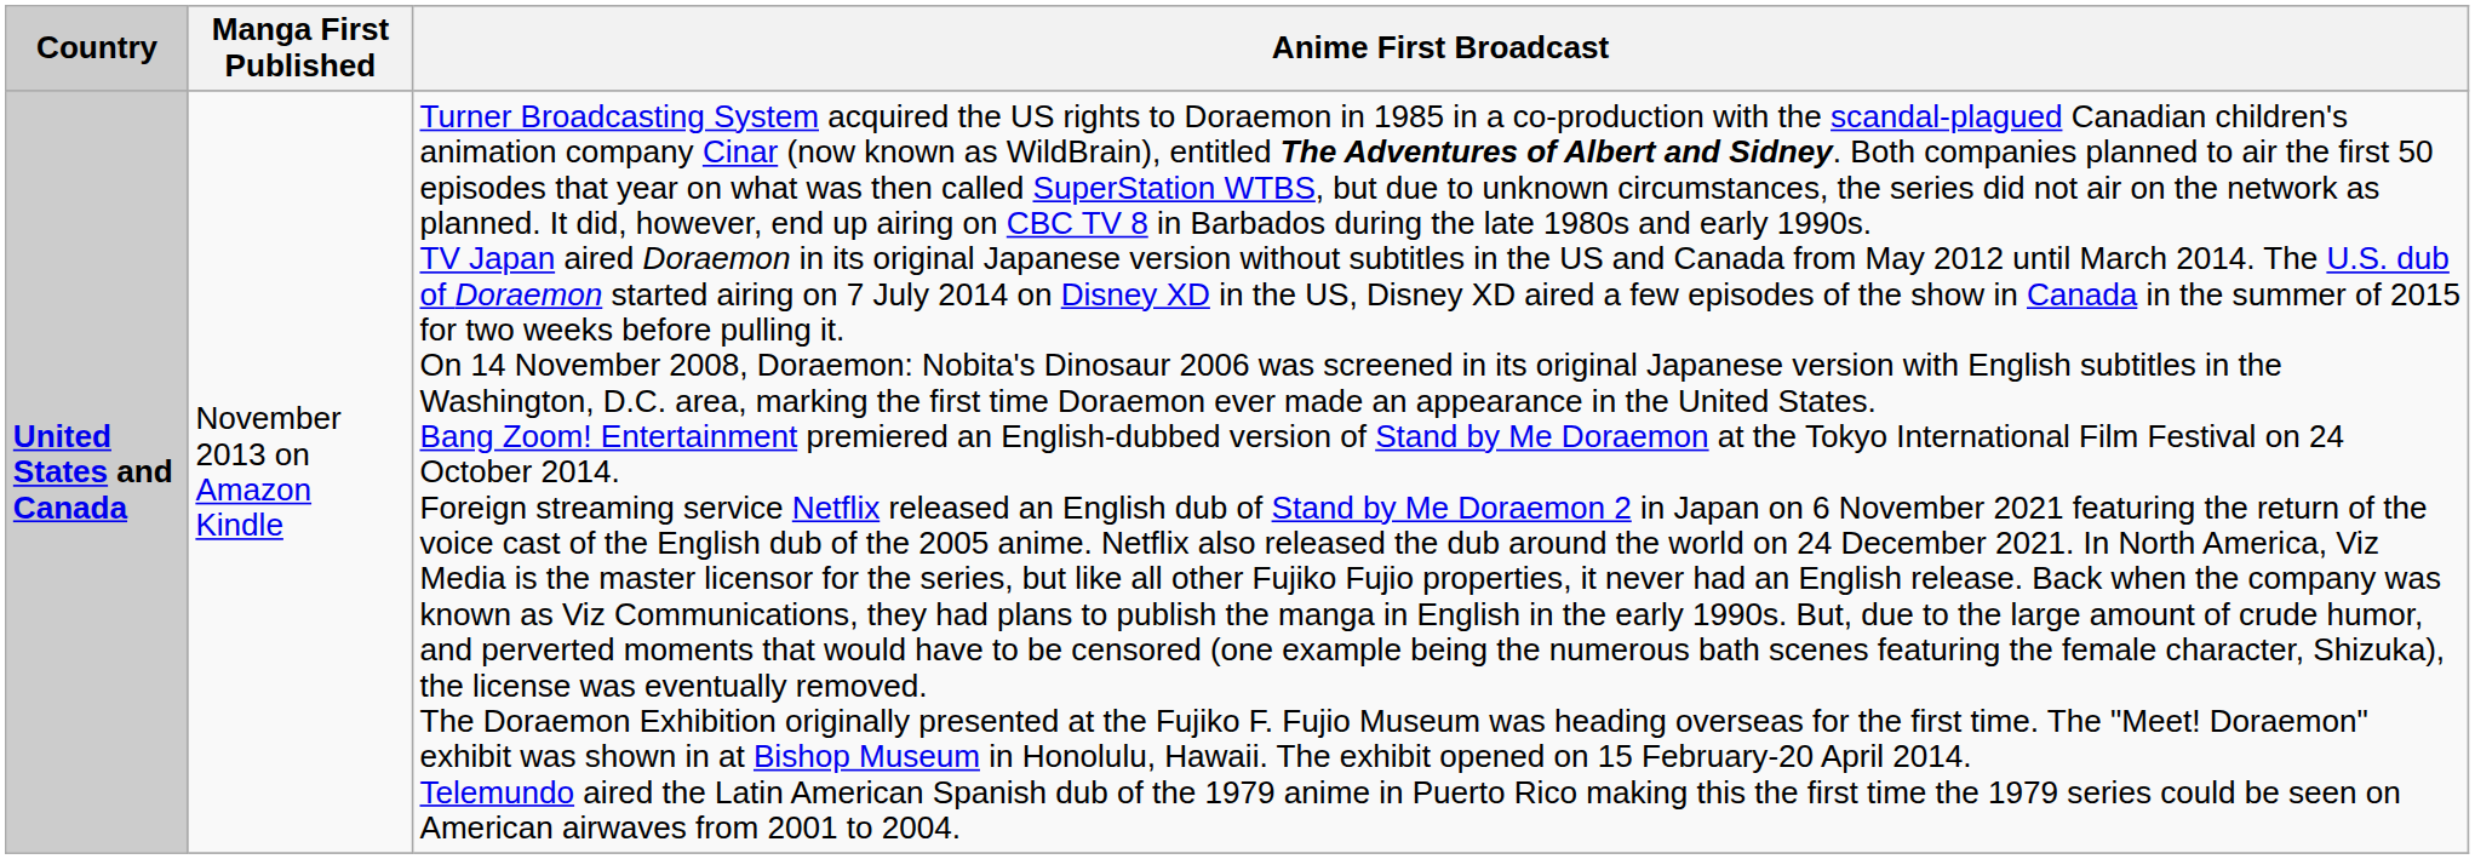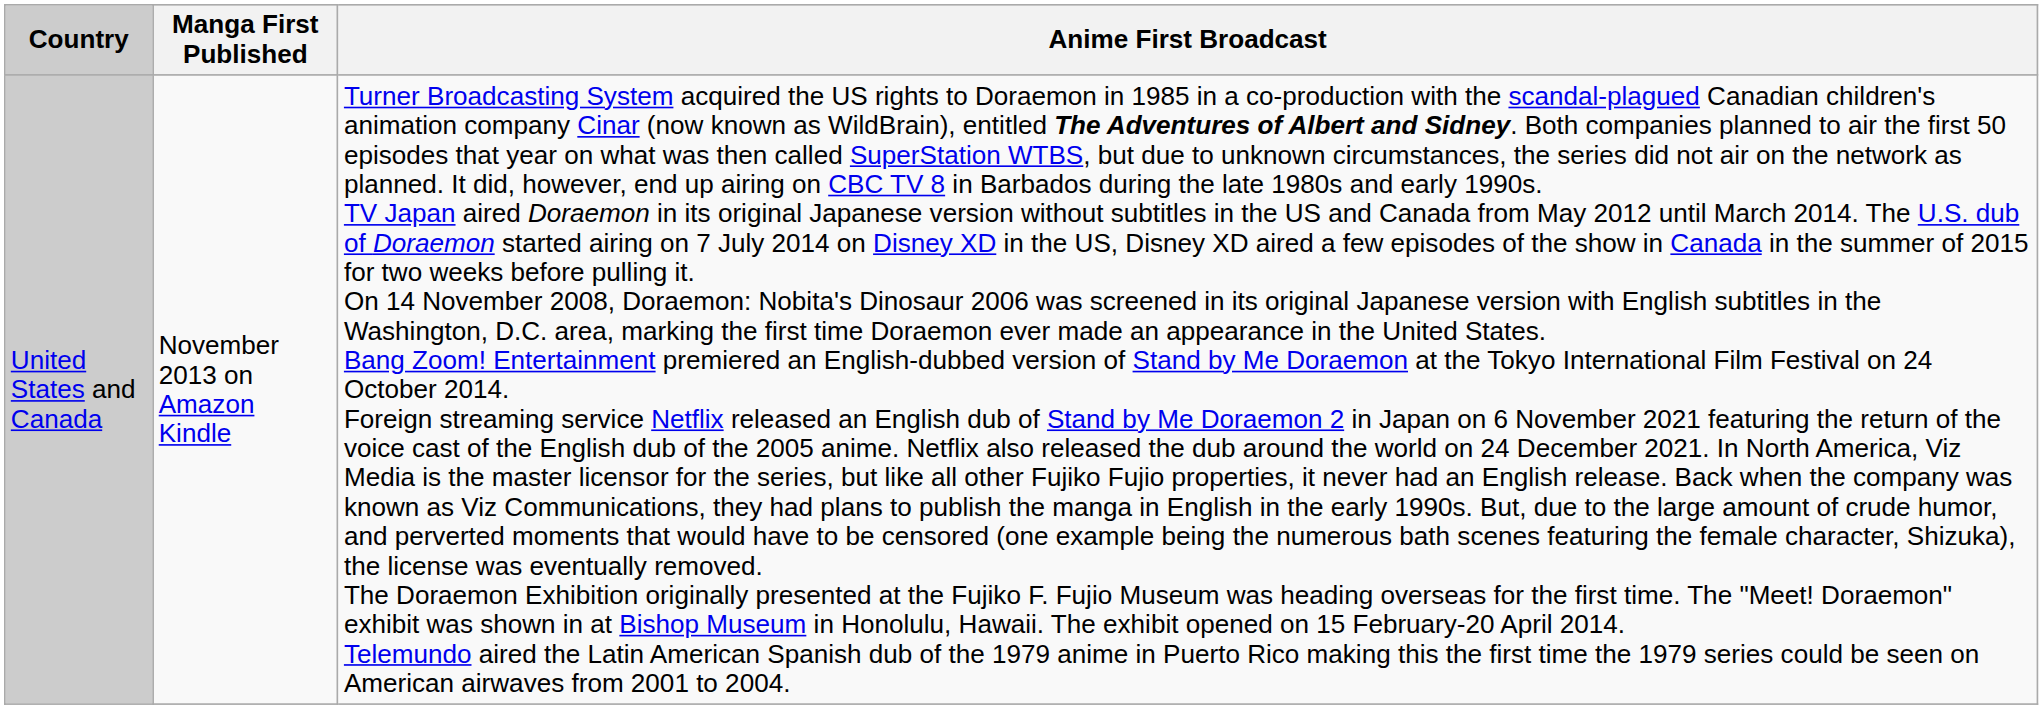 <table class=wikitable>
 <tr align=center>
 <th style="background:#ccc;">Country </th>
 <th>Manga First Published</th>
 <th>Anime First Broadcast </th>
 </tr>
 <tr>
-<td style="background:#ccc;"><strong><a href='#'>United States</a> and <a href='#'>Canada</a></strong></td>
+<td style="background:#ccc;"><a href='#'>United States</a> and <a href='#'>Canada</a></td>
 <td>November 2013 on <a href='#'>Amazon Kindle</a></td>
 <td><a href='#'>Turner Broadcasting System</a> acquired the US rights to Doraemon in 1985 in a co-production with the <a href='#'>scandal-plagued</a> Canadian children's animation company <a href='#'>Cinar</a> (now known as WildBrain), entitled <strong><em>The Adventures of Albert and Sidney</em></strong>. Both companies planned to air the first 50 episodes that year on what was then called <a href='#'>SuperStation WTBS</a>, but due to unknown circumstances, the series did not air on the network as planned. It did, however, end up airing on <a href='#'>CBC TV 8</a> in Barbados during the late 1980s and early 1990s.<br><a href='#'>TV Japan</a> aired <em>Doraemon</em> in its original Japanese version without subtitles in the US and Canada from May 2012 until March 2014. The <a href='#'>U.S. dub of <em>Doraemon</em></a> started airing on 7 July 2014 on <a href='#'>Disney XD</a> in the US, Disney XD aired a few episodes of the show in <a href='#'>Canada</a> in the summer of 2015 for two weeks before pulling it.<br>On 14 November 2008, Doraemon: Nobita's Dinosaur 2006 was screened in its original Japanese version with English subtitles in the Washington, D.C. area, marking the first time Doraemon ever made an appearance in the United States. <br><a href='#'>Bang Zoom! Entertainment</a> premiered an English-dubbed version of <a href='#'>Stand by Me Doraemon</a> at the Tokyo International Film Festival on 24 October 2014. <br>Foreign streaming service <a href='#'>Netflix</a> released an English dub of <a href='#'>Stand by Me Doraemon 2</a> in Japan on 6 November 2021 featuring the return of the voice cast of the English dub of the 2005 anime. Netflix also released the dub around the world on 24 December 2021. In North America, Viz Media is the master licensor for the series,   but like all other Fujiko Fujio properties, it never had an English release. Back when the company was known as Viz Communications, they had plans to publish the manga in English in the early 1990s. But, due to the large amount of crude humor, and perverted moments that would have to be censored (one example being the numerous bath scenes featuring the female character, Shizuka), the license was eventually removed. <br>The Doraemon Exhibition originally presented at the Fujiko F. Fujio Museum was heading overseas for the first time. The "Meet! Doraemon" exhibit was shown in at <a href='#'>Bishop Museum</a> in Honolulu, Hawaii. The exhibit opened on 15 February-20 April 2014. <br><a href='#'>Telemundo</a> aired the Latin American Spanish dub of the 1979 anime in Puerto Rico making this the first time the 1979 series could be seen on American airwaves from 2001 to 2004. </td>
 </tr>
 </table>
